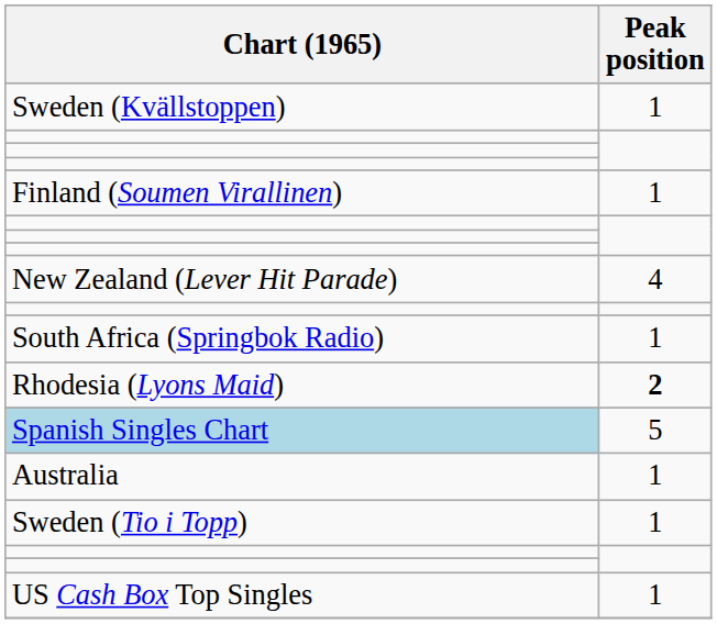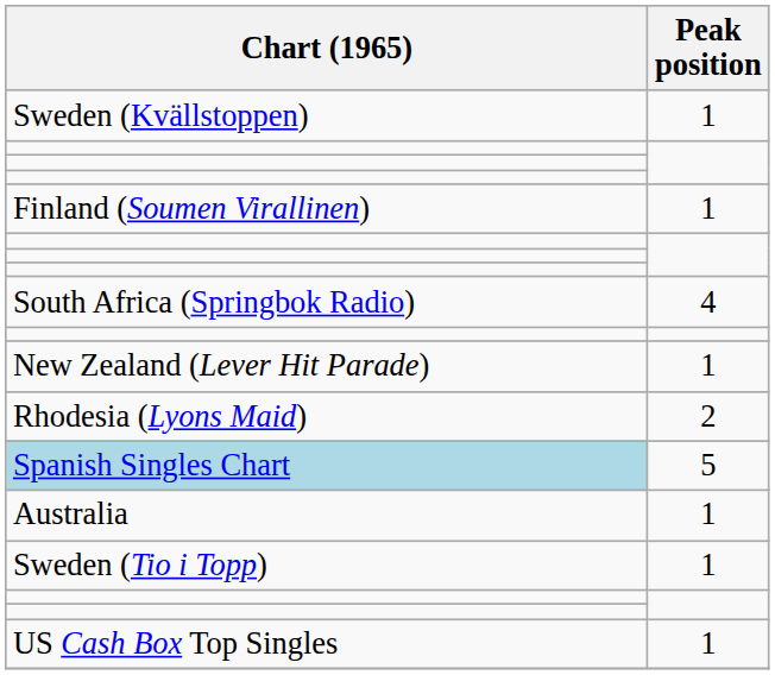 <table class="wikitable sortable">
 <tr>
 <th style="width:20em;">Chart (1965)</th>
 <th>Peak<br>position</th>
 </tr>
 <tr>
 <td>Sweden (<a href='#'>Kvällstoppen</a>)</td>
 <td style="text-align:center;">1</td>
 </tr>
 <tr>
 <td></td>
 </tr>
 <tr>
 <td></td>
 </tr>
 <tr>
 <td></td>
 </tr>
 <tr>
 <td align="left">Finland (<a href='#'><em>Soumen Virallinen</em></a>)</td>
 <td style="text-align:center;">1</td>
 </tr>
 <tr>
 <td></td>
 </tr>
 <tr>
 <td></td>
 </tr>
 <tr>
 <td></td>
 </tr>
 <tr>
-<td>New Zealand (<em>Lever Hit Parade</em>)</td>
+<td>South Africa (<a href='#'>Springbok Radio</a>)</td>
 <td style="text-align:center;">4</td>
 </tr>
 <tr>
 <td></td>
 </tr>
 <tr>
-<td>South Africa (<a href='#'>Springbok Radio</a>)</td>
+<td>New Zealand (<em>Lever Hit Parade</em>)</td>
 <td align="center">1</td>
 </tr>
 <tr>
 <td>Rhodesia (<em><a href='#'>Lyons Maid</a></em>)</td>
-<td style="text-align:center;"><strong>2</strong></td>
+<td style="text-align:center;">2</td>
 </tr>
 <tr>
 <td style="background: lightblue;"><a href='#'>Spanish Singles Chart</a></td>
 <td align="center">5</td>
 </tr>
 <tr>
 <td>Australia</td>
 <td style="text-align:center;">1</td>
 </tr>
 <tr>
 <td>Sweden (<em><a href='#'>Tio i Topp</a></em>)</td>
 <td style="text-align:center;">1</td>
 </tr>
 <tr>
 <td></td>
 </tr>
 <tr>
 <td></td>
 </tr>
 <tr>
 <td>US <em><a href='#'>Cash Box</a></em> Top Singles</td>
 <td style="text-align:center;">1</td>
 </tr>
 <tr>
 </tr>
 </table>
